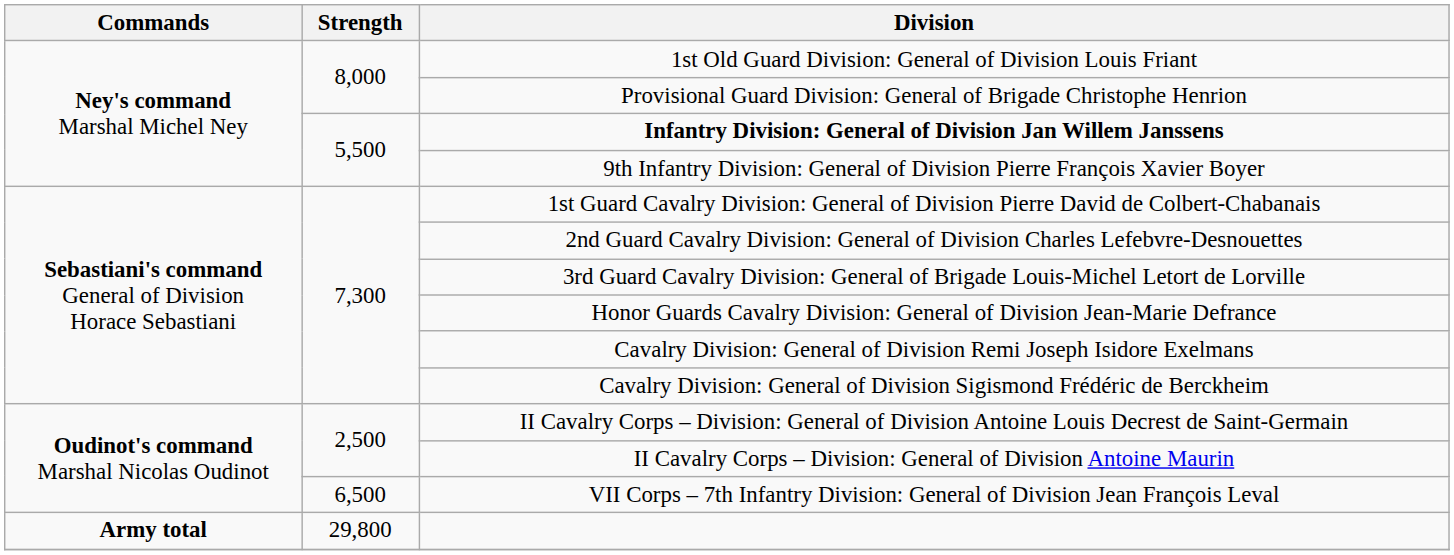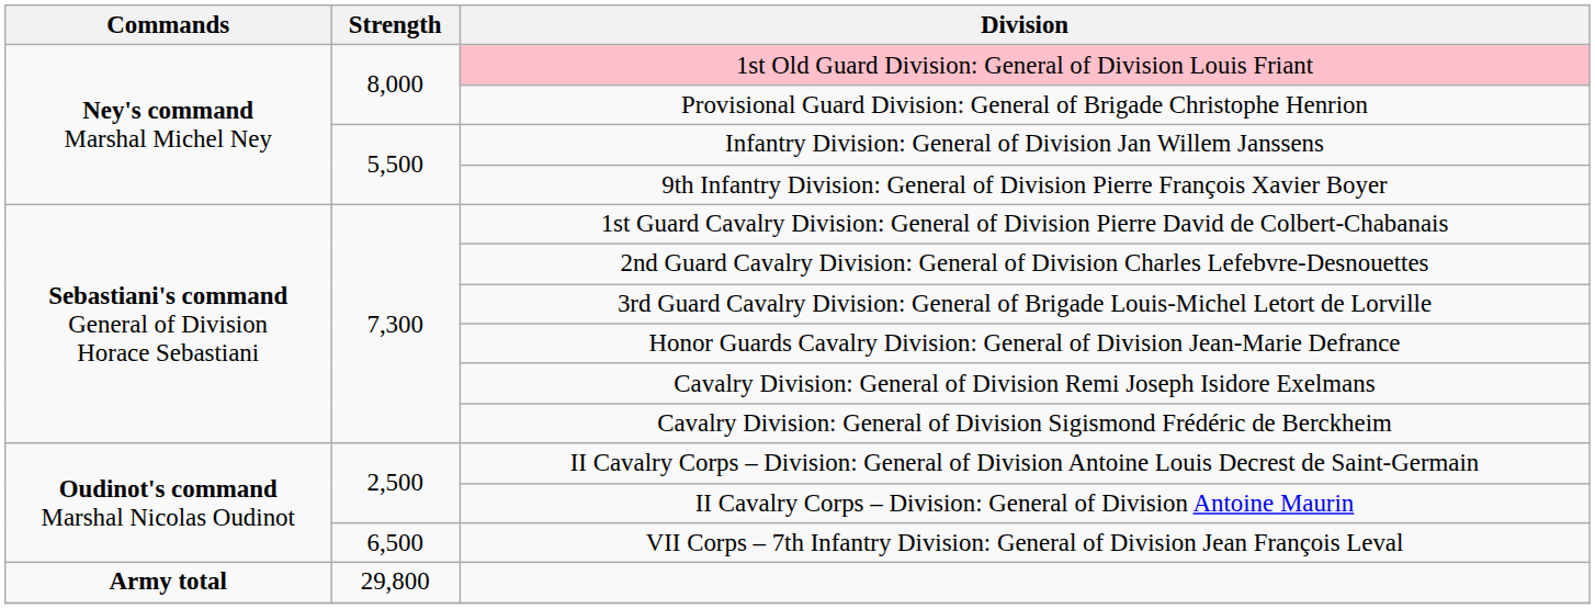 <table class="wikitable" style="text-align:center; width:80%;">
 <tr>
 <th>Commands</th>
 <th>Strength</th>
 <th>Division</th>
 </tr>
 <tr>
 <td ROWSPAN=4><strong>Ney's command</strong><br>Marshal Michel Ney</td>
 <td ROWSPAN=2>8,000</td>
-<td>1st Old Guard Division: General of Division Louis Friant</td>
+<td style="background: pink;">1st Old Guard Division: General of Division Louis Friant</td>
 </tr>
 <tr>
 <td>Provisional Guard Division: General of Brigade Christophe Henrion</td>
 </tr>
 <tr>
 <td ROWSPAN=2>5,500</td>
-<td><strong>Infantry Division: General of Division Jan Willem Janssens</strong></td>
+<td>Infantry Division: General of Division Jan Willem Janssens</td>
 </tr>
 <tr>
 <td>9th Infantry Division: General of Division Pierre François Xavier Boyer</td>
 </tr>
 <tr>
 <td ROWSPAN=6><strong>Sebastiani's command</strong><br>General of Division<br>Horace Sebastiani</td>
 <td ROWSPAN=6>7,300</td>
 <td>1st Guard Cavalry Division: General of Division Pierre David de Colbert-Chabanais</td>
 </tr>
 <tr>
 <td>2nd Guard Cavalry Division: General of Division Charles Lefebvre-Desnouettes</td>
 </tr>
 <tr>
 <td>3rd Guard Cavalry Division: General of Brigade Louis-Michel Letort de Lorville</td>
 </tr>
 <tr>
 <td>Honor Guards Cavalry Division: General of Division Jean-Marie Defrance</td>
 </tr>
 <tr>
 <td>Cavalry Division: General of Division Remi Joseph Isidore Exelmans</td>
 </tr>
 <tr>
 <td>Cavalry Division: General of Division Sigismond Frédéric de Berckheim</td>
 </tr>
 <tr>
 <td ROWSPAN=3><strong>Oudinot's command</strong><br>Marshal Nicolas Oudinot</td>
 <td ROWSPAN=2>2,500</td>
 <td>II Cavalry Corps – Division: General of Division Antoine Louis Decrest de Saint-Germain</td>
 </tr>
 <tr>
 <td>II Cavalry Corps – Division: General of Division <a href='#'>Antoine Maurin</a></td>
 </tr>
 <tr>
 <td ROWSPAN=1>6,500</td>
 <td>VII Corps – 7th Infantry Division: General of Division Jean François Leval</td>
 </tr>
 <tr>
 <td ROWSPAN=1><strong>Army total</strong></td>
 <td ROWSPAN=1>29,800</td>
 <td></td>
 </tr>
 <tr>
 </tr>
 </table>
